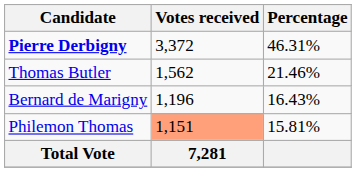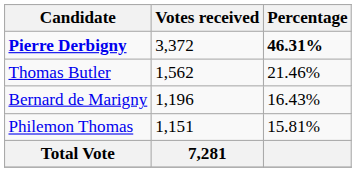 <table class="wikitable">
 <tr>
 <th>Candidate</th>
 <th>Votes received</th>
 <th>Percentage</th>
 </tr>
 <tr>
 <td><strong><a href='#'>Pierre Derbigny</a></strong></td>
 <td>3,372</td>
-<td>46.31%</td>
+<td><strong>46.31%</strong></td>
 </tr>
 <tr>
 <td><a href='#'>Thomas Butler</a></td>
 <td>1,562</td>
 <td>21.46%</td>
 </tr>
 <tr>
 <td><a href='#'>Bernard de Marigny</a></td>
 <td>1,196</td>
 <td>16.43%</td>
 </tr>
 <tr>
 <td><a href='#'>Philemon Thomas</a></td>
-<td style="background: lightsalmon;">1,151</td>
+<td>1,151</td>
 <td>15.81%</td>
 </tr>
 <tr>
 <th>Total Vote</th>
 <th>7,281</th>
 <th></th>
 </tr>
 <tr>
 </tr>
 </table>
